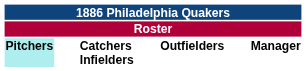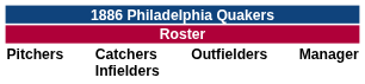 <table class="toccolours" style="font-size: 95%;">
 <tr>
 <th colspan="10" style="background-color: #0f437c; color: white; text-align: center;">1886 Philadelphia Quakers</th>
 </tr>
 <tr>
 <td colspan="10" style="background-color: #af0039; color: white; text-align: center;"><strong>Roster</strong></td>
 </tr>
 <tr>
-<td valign="top" style="background: paleturquoise;"><strong>Pitchers</strong><br>   </td>
+<td valign="top"><strong>Pitchers</strong><br>   </td>
 <td width="25px"></td>
 <td valign="top"><strong>Catchers</strong><br>    <strong>Infielders</strong>     </td>
 <td width="25px"></td>
 <td valign="top"><strong>Outfielders</strong><br>    </td>
 <td width="25px"></td>
 <td valign="top"><strong>Manager</strong><br></td>
 </tr>
 </table>
